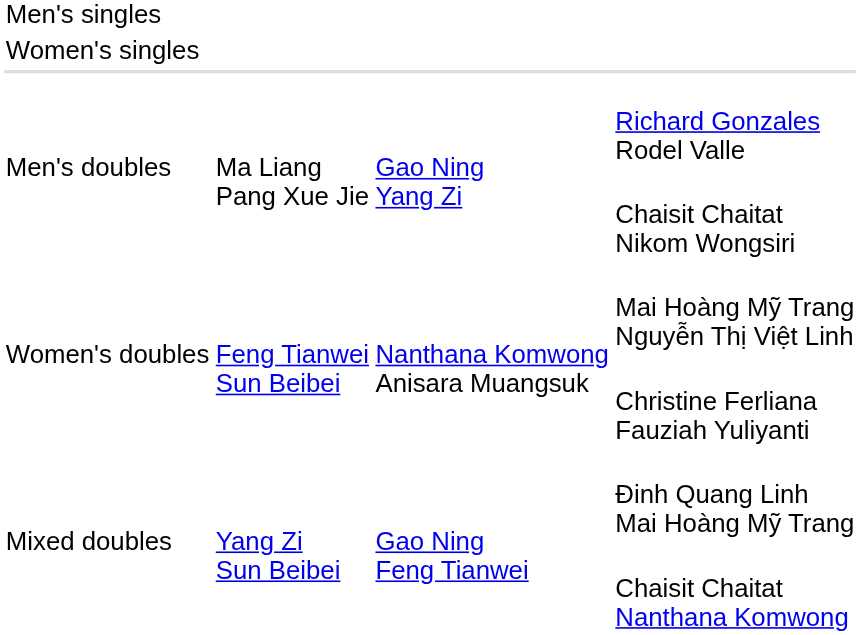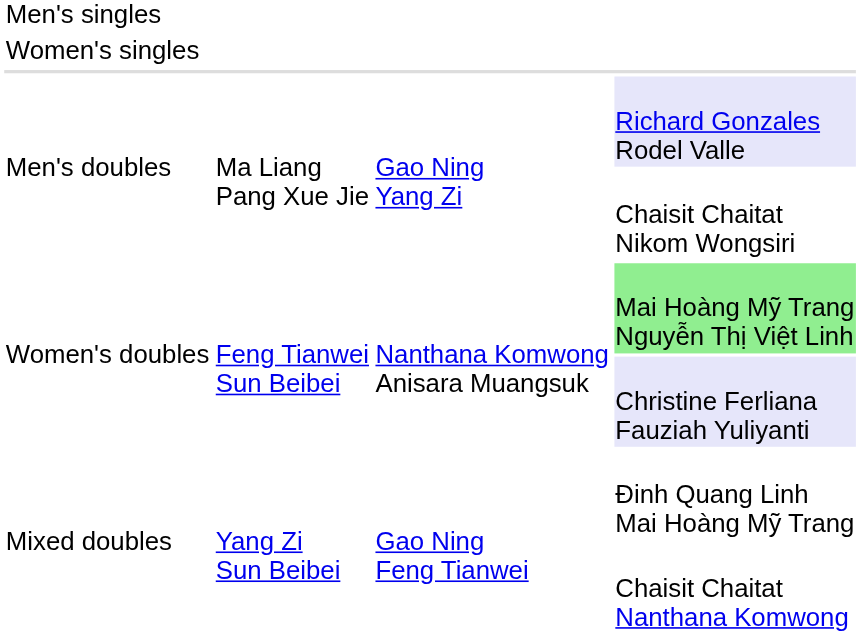 <table>
 <tr>
 <td rowspan=2>Men's singles</td>
 <td rowspan=2></td>
 <td rowspan=2></td>
 <td></td>
 </tr>
 <tr>
 <td></td>
 </tr>
 <tr>
 <td rowspan=2>Women's singles</td>
 <td rowspan=2></td>
 <td rowspan=2></td>
 <td></td>
 </tr>
 <tr>
 <td></td>
 </tr>
 <tr bgcolor=#dddddd>
 <td colspan=4></td>
 </tr>
 <tr>
 <td rowspan=2>Men's doubles</td>
 <td rowspan=2><br>Ma Liang<br>Pang Xue Jie</td>
 <td rowspan=2><br><a href='#'>Gao Ning</a><br><a href='#'>Yang Zi</a></td>
-<td><br><a href='#'>Richard Gonzales</a><br>Rodel Valle</td>
+<td style="background: lavender;"><br><a href='#'>Richard Gonzales</a><br>Rodel Valle</td>
 </tr>
 <tr>
 <td><br>Chaisit Chaitat<br>Nikom Wongsiri</td>
 </tr>
 <tr>
 <td rowspan=2>Women's doubles</td>
 <td rowspan=2 nowrap><br><a href='#'>Feng Tianwei</a><br><a href='#'>Sun Beibei</a></td>
 <td rowspan=2nowrap><br><a href='#'>Nanthana Komwong</a><br>Anisara Muangsuk</td>
-<td nowrap><br>Mai Hoàng Mỹ Trang<br>Nguyễn Thị Việt Linh</td>
+<td nowrap style="background: lightgreen;"><br>Mai Hoàng Mỹ Trang<br>Nguyễn Thị Việt Linh</td>
 </tr>
 <tr>
-<td nowrap><br>Christine Ferliana<br>Fauziah Yuliyanti</td>
+<td nowrap style="background: lavender;"><br>Christine Ferliana<br>Fauziah Yuliyanti</td>
 </tr>
 <tr>
 <td rowspan=2>Mixed doubles</td>
 <td rowspan=2><br><a href='#'>Yang Zi</a><br><a href='#'>Sun Beibei</a></td>
 <td rowspan=2><br><a href='#'>Gao Ning</a><br><a href='#'>Feng Tianwei</a></td>
 <td><br>Đinh Quang Linh<br>Mai Hoàng Mỹ Trang</td>
 </tr>
 <tr>
 <td><br>Chaisit Chaitat<br><a href='#'>Nanthana Komwong</a></td>
 </tr>
 </table>
